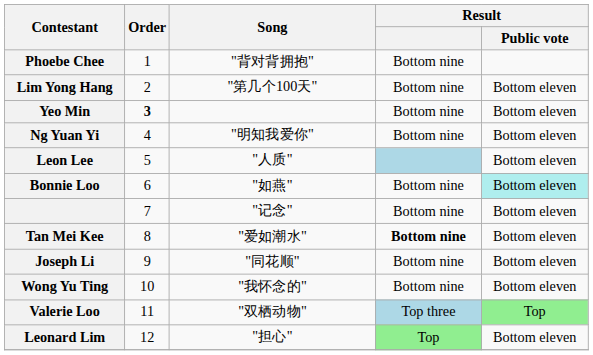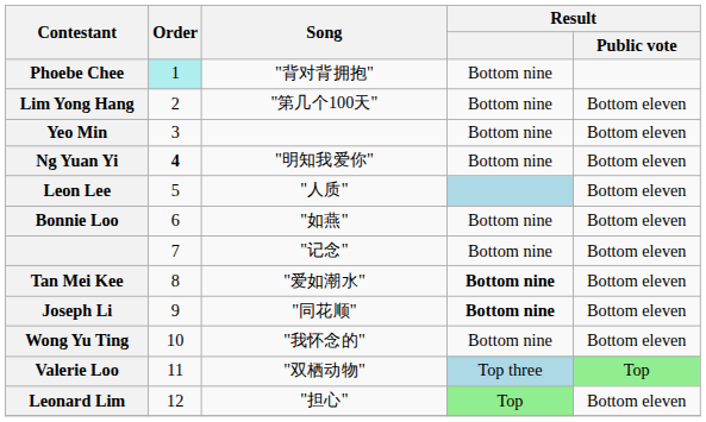 <table class="wikitable plainrowheaders" style="text-align:center;">
 <tr>
 <th rowspan=2 scope="col" style="width:8em;">Contestant</th>
 <th rowspan=2 scope="col">Order</th>
 <th rowspan=2 scope="col" style="width:14em;">Song</th>
 <th scope="col" colspan=2>Result</th>
 </tr>
 <tr>
 <th scope="col" style="width:7em;"></th>
 <th scope="col" style="width:7em;">Public vote</th>
 </tr>
 <tr>
 <th scope="row">Phoebe Chee</th>
-<td>1</td>
+<td style="background: paleturquoise;">1</td>
 <td>"背对背拥抱"</td>
 <td>Bottom nine</td>
 <td></td>
 </tr>
 <tr>
 <th scope="row">Lim Yong Hang</th>
 <td>2</td>
 <td>"第几个100天"</td>
 <td>Bottom nine</td>
 <td>Bottom eleven</td>
 </tr>
 <tr>
 <th scope="row">Yeo Min</th>
-<td><strong>3</strong></td>
+<td>3</td>
 <td></td>
 <td>Bottom nine</td>
 <td>Bottom eleven</td>
 </tr>
 <tr>
 <th scope="row">Ng Yuan Yi</th>
-<td>4</td>
+<td><strong>4</strong></td>
 <td>"明知我爱你"</td>
 <td>Bottom nine</td>
 <td>Bottom eleven</td>
 </tr>
 <tr>
 <th scope="row">Leon Lee</th>
 <td>5</td>
 <td>"人质"</td>
 <td style="background:lightblue"></td>
 <td>Bottom eleven</td>
 </tr>
 <tr>
 <th scope="row">Bonnie Loo</th>
 <td>6</td>
 <td>"如燕"</td>
 <td>Bottom nine</td>
-<td style="background: paleturquoise;">Bottom eleven</td>
+<td>Bottom eleven</td>
 </tr>
 <tr>
 <th scope="row"></th>
 <td>7</td>
 <td>"记念"</td>
 <td>Bottom nine</td>
 <td>Bottom eleven</td>
 </tr>
 <tr>
 <th scope="row">Tan Mei Kee</th>
 <td>8</td>
 <td>"爱如潮水"</td>
 <td><strong>Bottom nine</strong></td>
 <td>Bottom eleven</td>
 </tr>
 <tr>
 <th scope="row">Joseph Li</th>
 <td>9</td>
 <td>"同花顺"</td>
-<td>Bottom nine</td>
+<td><strong>Bottom nine</strong></td>
 <td>Bottom eleven</td>
 </tr>
 <tr>
 <th scope="row">Wong Yu Ting</th>
 <td>10</td>
 <td>"我怀念的"</td>
 <td>Bottom nine</td>
 <td>Bottom eleven</td>
 </tr>
 <tr>
 <th scope="row">Valerie Loo</th>
 <td>11</td>
 <td>"双栖动物"</td>
 <td style="background:lightblue">Top three</td>
 <td style="background:lightgreen">Top</td>
 </tr>
 <tr>
 <th scope="row">Leonard Lim</th>
 <td>12</td>
 <td>"担心"</td>
 <td style="background:lightgreen">Top</td>
 <td>Bottom eleven</td>
 </tr>
 <tr>
 </tr>
 </table>
